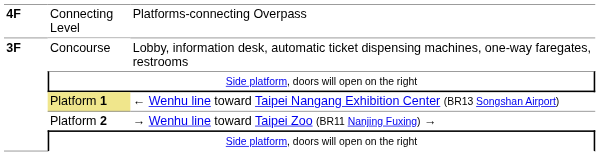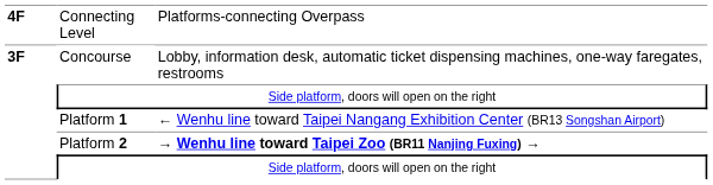 <table table border=0 cellspacing=0 cellpadding=3>
 <tr>
 <td style="border-bottom:solid 1px gray;border-top:solid 1px gray;" width=50 valign=top><strong>4F</strong></td>
 <td style="border-top:solid 1px gray;border-bottom:solid 1px gray;" width=100 valign=top>Connecting Level</td>
 <td style="border-top:solid 1px gray;border-bottom:solid 1px gray;" width=590 valign=top>Platforms-connecting Overpass</td>
 </tr>
 <tr>
 <td style="border-bottom:solid 1px gray;" width=50 rowspan=10 valign=top><strong>3F</strong></td>
 </tr>
 <tr>
 <td style="border-top:solid 1px white;" rowspan=2 valign=top>Concourse</td>
 </tr>
 <tr>
 <td>Lobby, information desk, automatic ticket dispensing machines, one-way faregates, restrooms</td>
 </tr>
 <tr>
 <td style="border-right:solid 2px black;border-left:solid 2px black;border-bottom:solid 2px black;border-top:solid 1px gray;text-align:center;" colspan=2><small><a href='#'>Side platform</a>, doors will open on the right</small></td>
 </tr>
 <tr>
-<td style="background: khaki; border-bottom:solid 1px gray;" width=100>Platform <span><strong>1</strong></span></td>
+<td style="border-bottom:solid 1px gray;" width=100>Platform <span><strong>1</strong></span></td>
 <td style="border-bottom:solid 1px gray;" width=400>←  <a href='#'>Wenhu line</a> toward <a href='#'>Taipei Nangang Exhibition Center</a> <small>(BR13 <a href='#'>Songshan Airport</a>)</small></td>
 </tr>
 <tr>
 <td>Platform <span><strong>2</strong></span></td>
-<td><span>→</span>  <a href='#'>Wenhu line</a> toward <a href='#'>Taipei Zoo</a> <small>(BR11 <a href='#'>Nanjing Fuxing</a>)</small> →</td>
+<td><strong><span>→</span>  <a href='#'>Wenhu line</a> toward <a href='#'>Taipei Zoo</a> <small>(BR11 <a href='#'>Nanjing Fuxing</a>)</small> →</strong></td>
 </tr>
 <tr>
 <td style="border-top:solid 2px black;border-right:solid 2px black;border-left:solid 2px black;border-bottom:solid 1px white;text-align:center;" colspan=2><small><a href='#'>Side platform</a>, doors will open on the right</small></td>
 </tr>
 </table>
